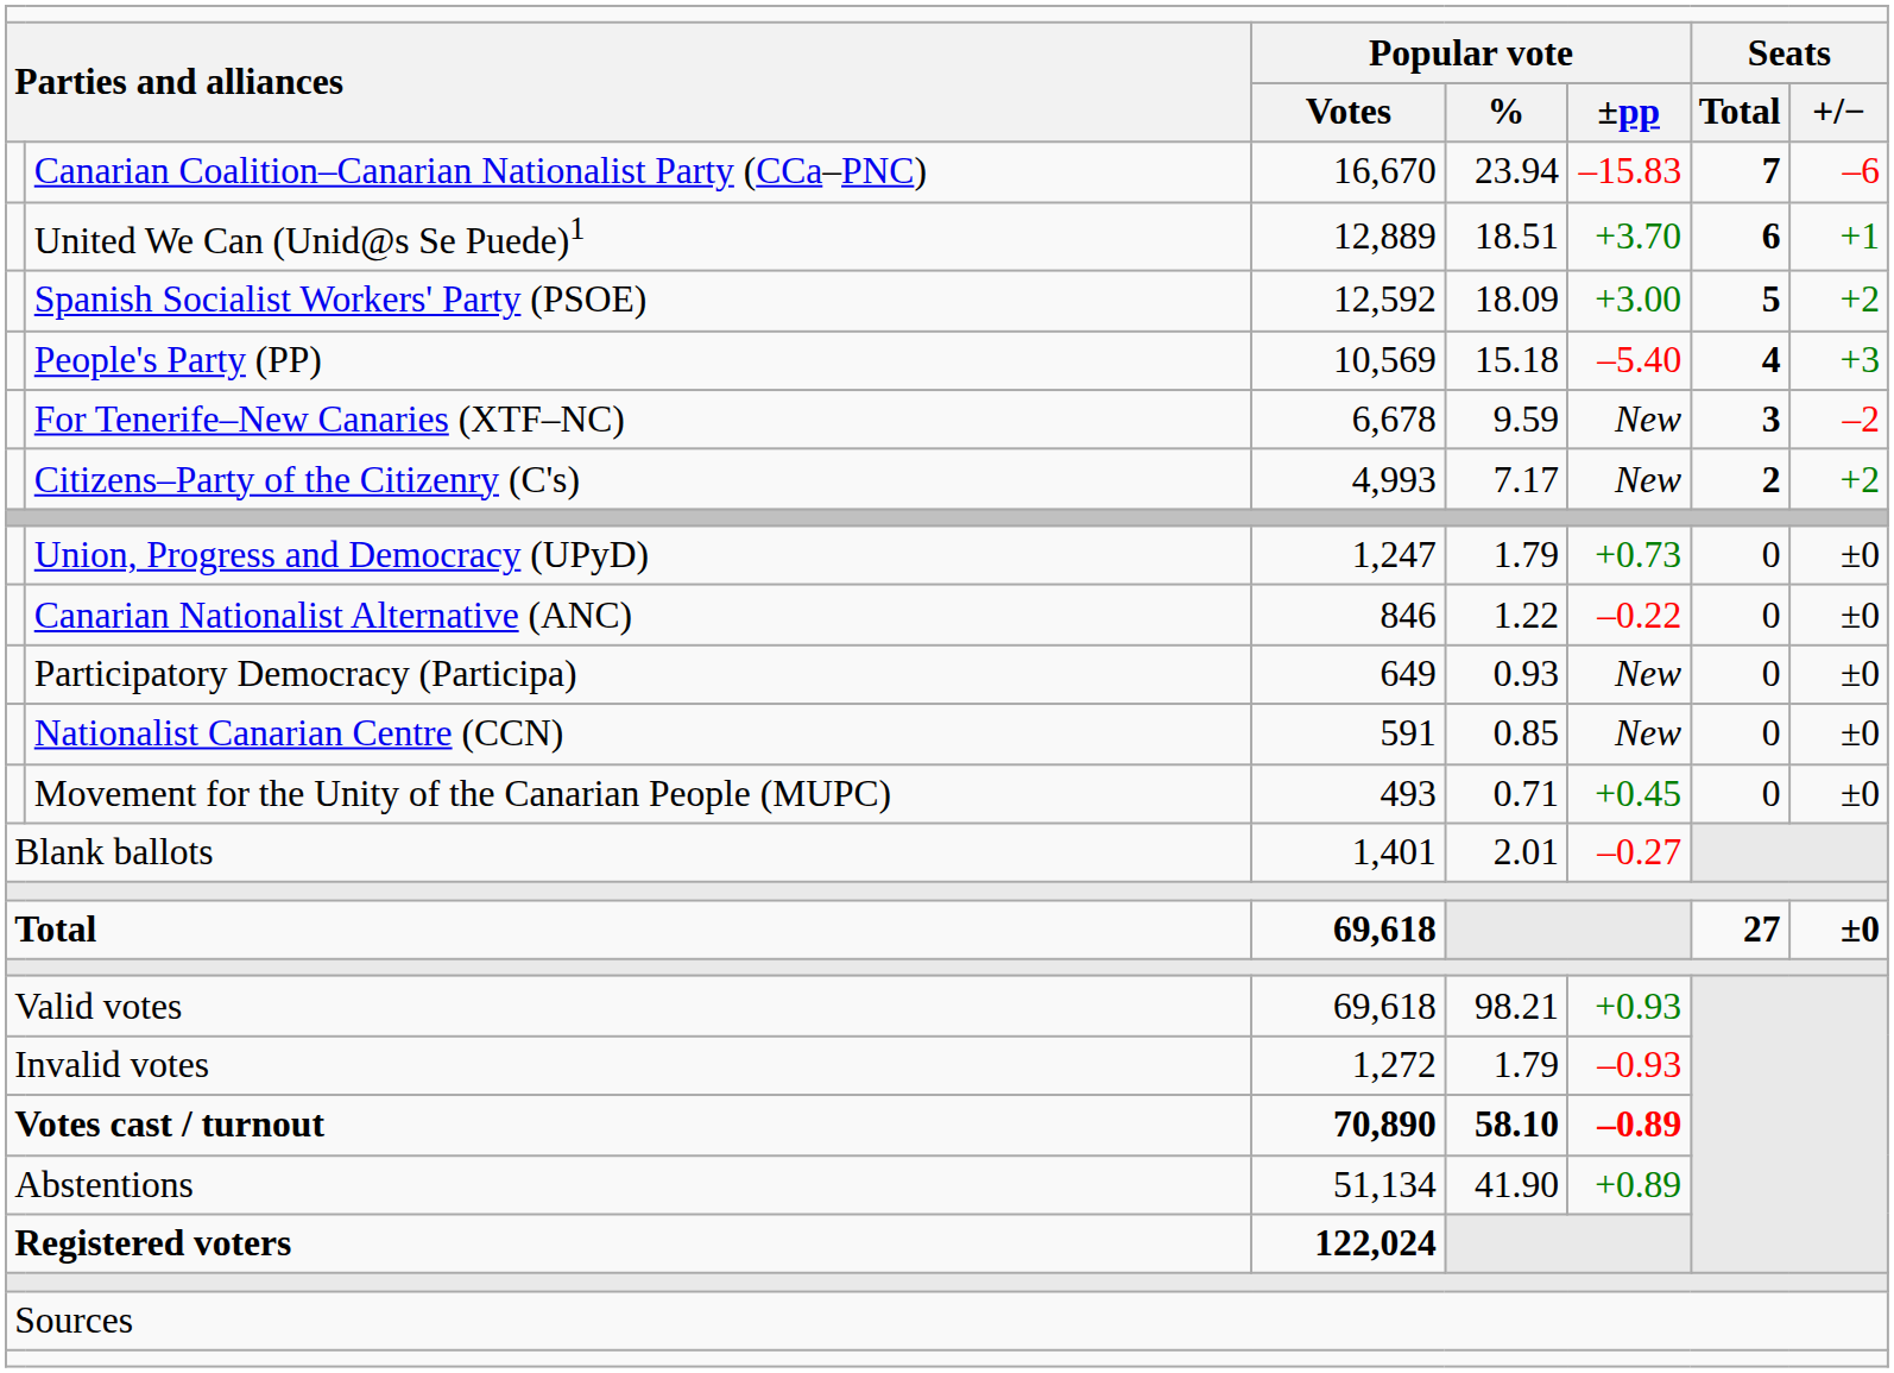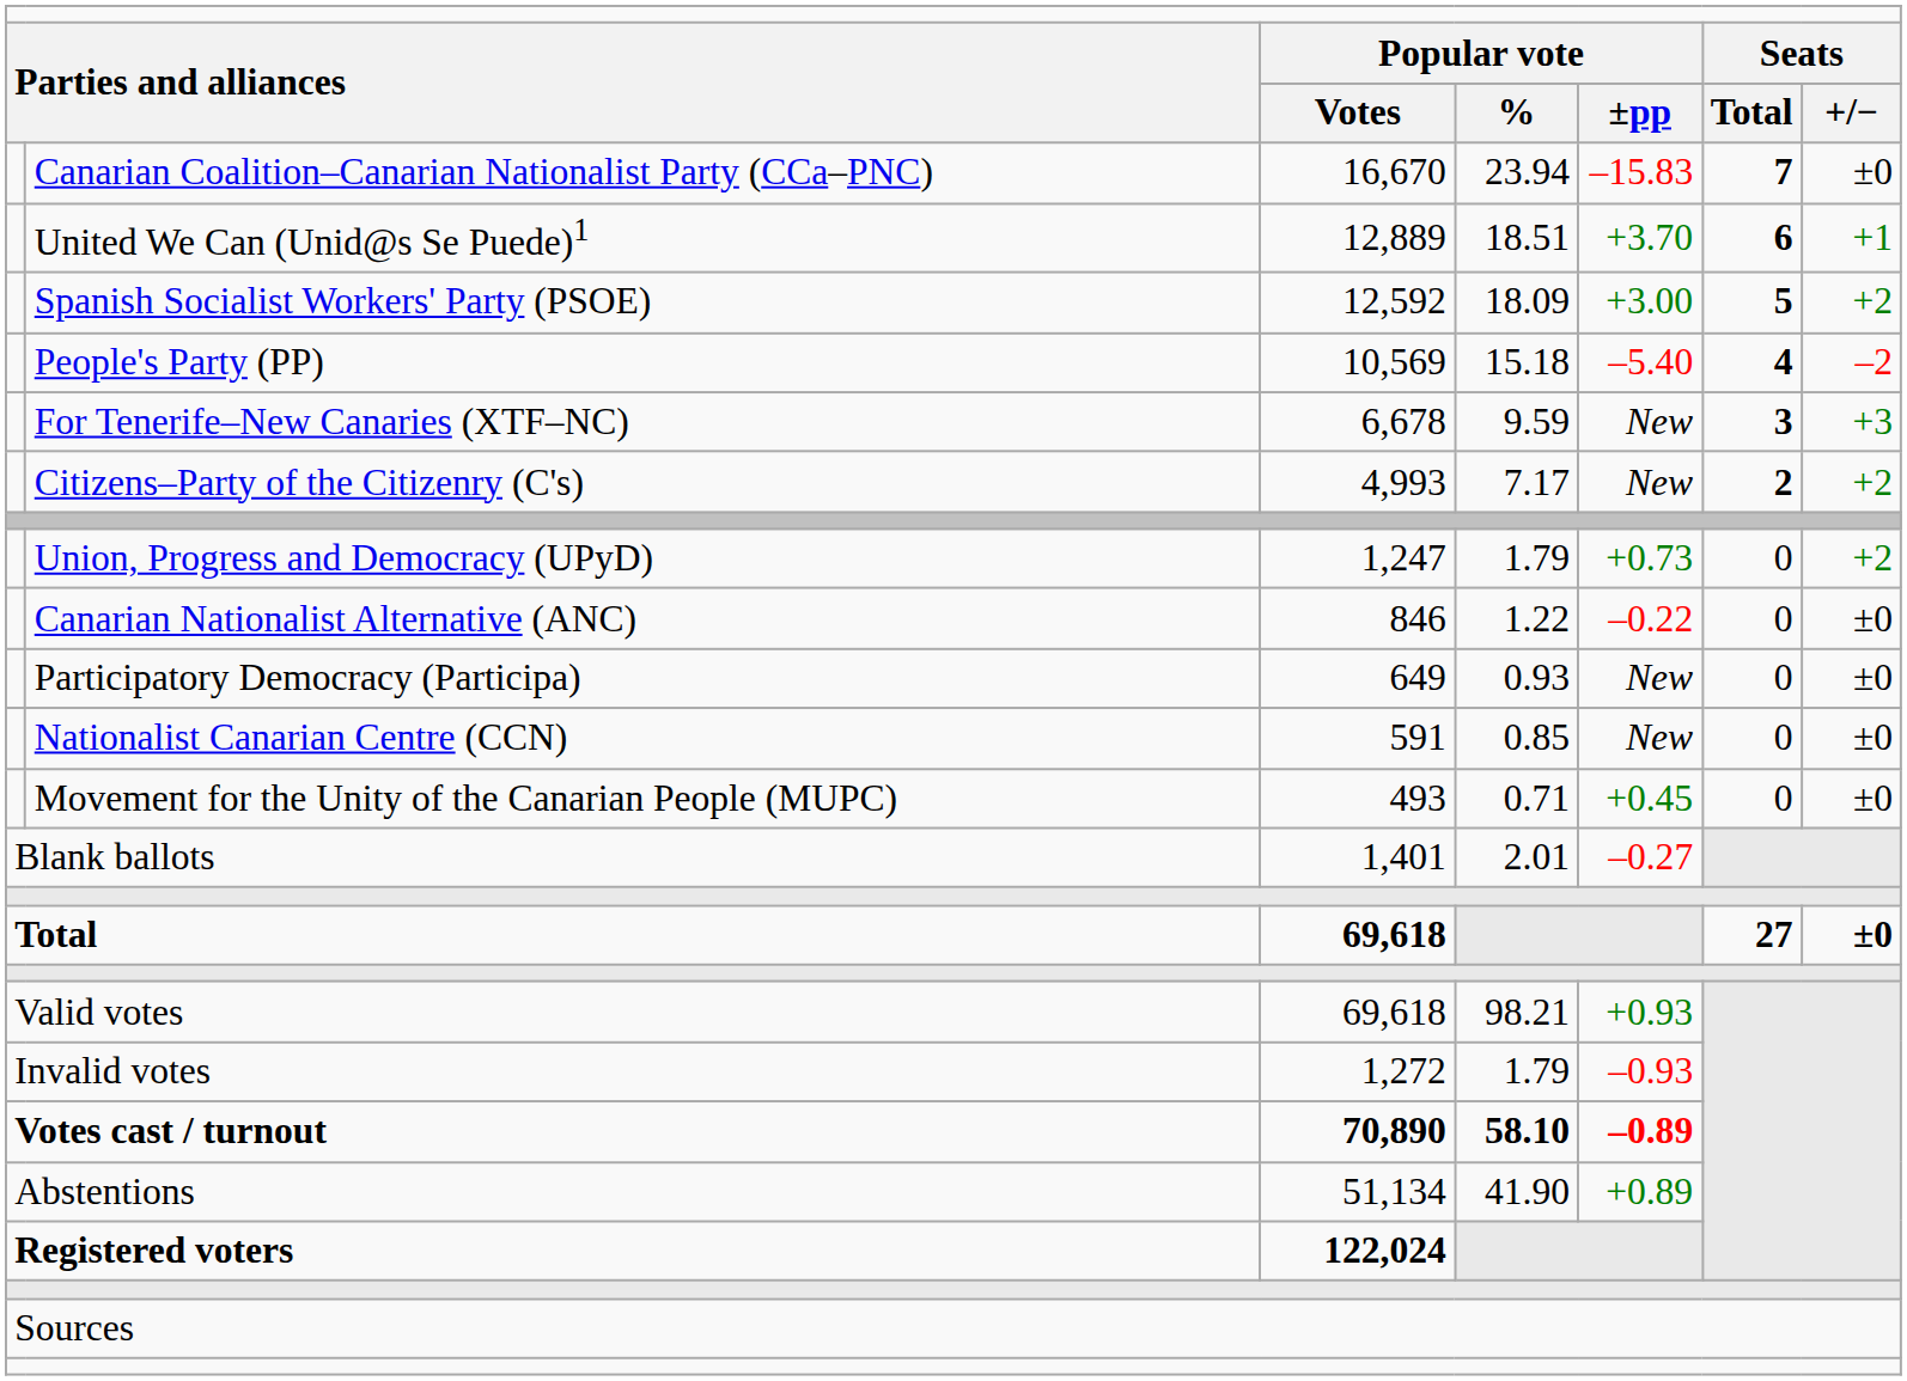 <table class="wikitable" style="text-align:right;">
 <tr>
 <td colspan="7"></td>
 </tr>
 <tr>
 <th style="text-align:left;" rowspan="2" colspan="2" width="525">Parties and alliances</th>
 <th colspan="3">Popular vote</th>
 <th colspan="2">Seats</th>
 </tr>
 <tr>
 <th width="75">Votes</th>
 <th width="45">%</th>
 <th width="45">±<a href='#'>pp</a></th>
 <th width="35">Total</th>
 <th width="35">+/−</th>
 </tr>
 <tr>
 <td width="1" style="color:inherit;background:"></td>
 <td align="left"><a href='#'>Canarian Coalition–Canarian Nationalist Party</a> (<a href='#'>CCa</a>–<a href='#'>PNC</a>)</td>
 <td>16,670</td>
 <td>23.94</td>
 <td style="color:red;">–15.83</td>
 <td><strong>7</strong></td>
-<td style="color:red;">–6</td>
+<td>±0</td>
 </tr>
 <tr>
 <td style="color:inherit;background:"></td>
 <td align="left">United We Can (Unid@s Se Puede)<sup>1</sup></td>
 <td>12,889</td>
 <td>18.51</td>
 <td style="color:green;">+3.70</td>
 <td><strong>6</strong></td>
 <td style="color:green;">+1</td>
 </tr>
 <tr>
 <td style="color:inherit;background:"></td>
 <td align="left"><a href='#'>Spanish Socialist Workers' Party</a> (PSOE)</td>
 <td>12,592</td>
 <td>18.09</td>
 <td style="color:green;">+3.00</td>
 <td><strong>5</strong></td>
 <td style="color:green;">+2</td>
 </tr>
 <tr>
 <td style="color:inherit;background:"></td>
 <td align="left"><a href='#'>People's Party</a> (PP)</td>
 <td>10,569</td>
 <td>15.18</td>
 <td style="color:red;">–5.40</td>
 <td><strong>4</strong></td>
-<td style="color:green;">+3</td>
+<td style="color:red;">–2</td>
 </tr>
 <tr>
 <td style="color:inherit;background:"></td>
 <td align="left"><a href='#'>For Tenerife–New Canaries</a> (XTF–NC)</td>
 <td>6,678</td>
 <td>9.59</td>
 <td><em>New</em></td>
 <td><strong>3</strong></td>
-<td style="color:red;">–2</td>
+<td style="color:green;">+3</td>
 </tr>
 <tr>
 <td style="color:inherit;background:"></td>
 <td align="left"><a href='#'>Citizens–Party of the Citizenry</a> (C's)</td>
 <td>4,993</td>
 <td>7.17</td>
 <td><em>New</em></td>
 <td><strong>2</strong></td>
 <td style="color:green;">+2</td>
 </tr>
 <tr>
 <td colspan="7" bgcolor="#C0C0C0"></td>
 </tr>
 <tr>
 <td style="color:inherit;background:"></td>
 <td align="left"><a href='#'>Union, Progress and Democracy</a> (UPyD)</td>
 <td>1,247</td>
 <td>1.79</td>
 <td style="color:green;">+0.73</td>
 <td>0</td>
-<td>±0</td>
+<td style="color:green;">+2</td>
 </tr>
 <tr>
 <td style="color:inherit;background:"></td>
 <td align="left"><a href='#'>Canarian Nationalist Alternative</a> (ANC)</td>
 <td>846</td>
 <td>1.22</td>
 <td style="color:red;">–0.22</td>
 <td>0</td>
 <td>±0</td>
 </tr>
 <tr>
 <td style="color:inherit;background:"></td>
 <td align="left">Participatory Democracy (Participa)</td>
 <td>649</td>
 <td>0.93</td>
 <td><em>New</em></td>
 <td>0</td>
 <td>±0</td>
 </tr>
 <tr>
 <td style="color:inherit;background:"></td>
 <td align="left"><a href='#'>Nationalist Canarian Centre</a> (CCN)</td>
 <td>591</td>
 <td>0.85</td>
 <td><em>New</em></td>
 <td>0</td>
 <td>±0</td>
 </tr>
 <tr>
 <td style="color:inherit;background:"></td>
 <td align="left">Movement for the Unity of the Canarian People (MUPC)</td>
 <td>493</td>
 <td>0.71</td>
 <td style="color:green;">+0.45</td>
 <td>0</td>
 <td>±0</td>
 </tr>
 <tr>
 <td align="left" colspan="2">Blank ballots</td>
 <td>1,401</td>
 <td>2.01</td>
 <td style="color:red;">–0.27</td>
 <td bgcolor="#E9E9E9" colspan="2"></td>
 </tr>
 <tr>
 <td colspan="7" bgcolor="#E9E9E9"></td>
 </tr>
 <tr style="font-weight:bold;">
 <td align="left" colspan="2">Total</td>
 <td>69,618</td>
 <td bgcolor="#E9E9E9" colspan="2"></td>
 <td>27</td>
 <td>±0</td>
 </tr>
 <tr>
 <td colspan="7" bgcolor="#E9E9E9"></td>
 </tr>
 <tr>
 <td align="left" colspan="2">Valid votes</td>
 <td>69,618</td>
 <td>98.21</td>
 <td style="color:green;">+0.93</td>
 <td bgcolor="#E9E9E9" colspan="2" rowspan="5"></td>
 </tr>
 <tr>
 <td align="left" colspan="2">Invalid votes</td>
 <td>1,272</td>
 <td>1.79</td>
 <td style="color:red;">–0.93</td>
 </tr>
 <tr style="font-weight:bold;">
 <td align="left" colspan="2">Votes cast / turnout</td>
 <td>70,890</td>
 <td>58.10</td>
 <td style="color:red;">–0.89</td>
 </tr>
 <tr>
 <td align="left" colspan="2">Abstentions</td>
 <td>51,134</td>
 <td>41.90</td>
 <td style="color:green;">+0.89</td>
 </tr>
 <tr style="font-weight:bold;">
 <td align="left" colspan="2">Registered voters</td>
 <td>122,024</td>
 <td bgcolor="#E9E9E9" colspan="2"></td>
 </tr>
 <tr>
 <td colspan="7" bgcolor="#E9E9E9"></td>
 </tr>
 <tr>
 <td align="left" colspan="7">Sources</td>
 </tr>
 <tr>
 <td colspan="7" style="text-align:left; max-width:790px;"></td>
 </tr>
 </table>
